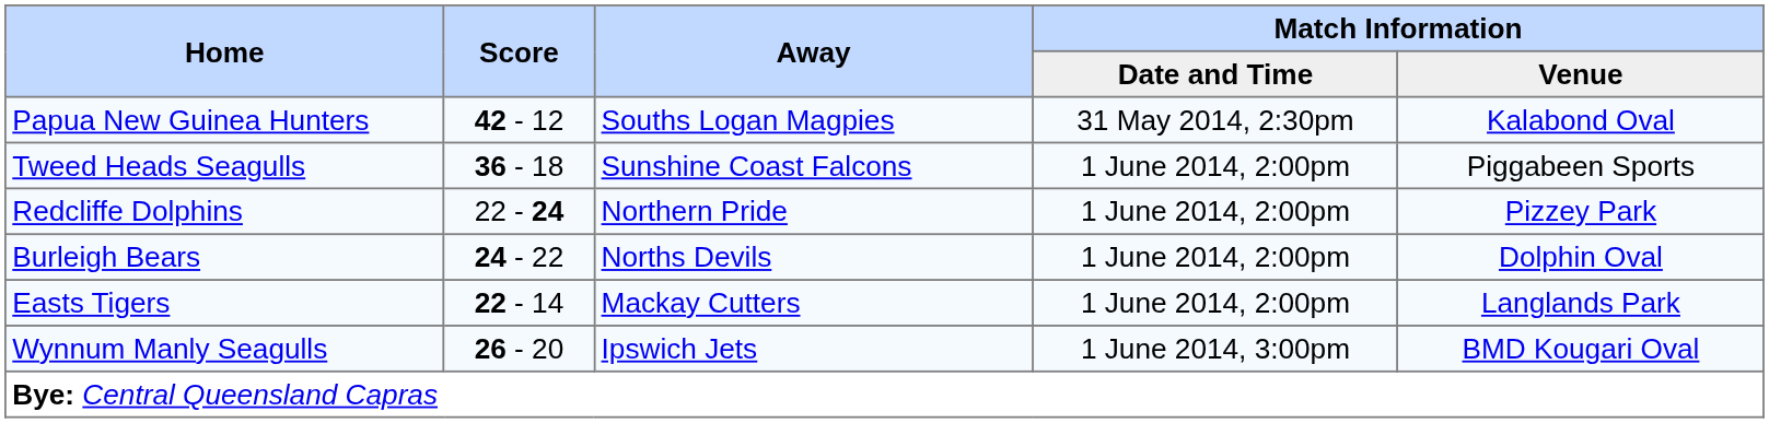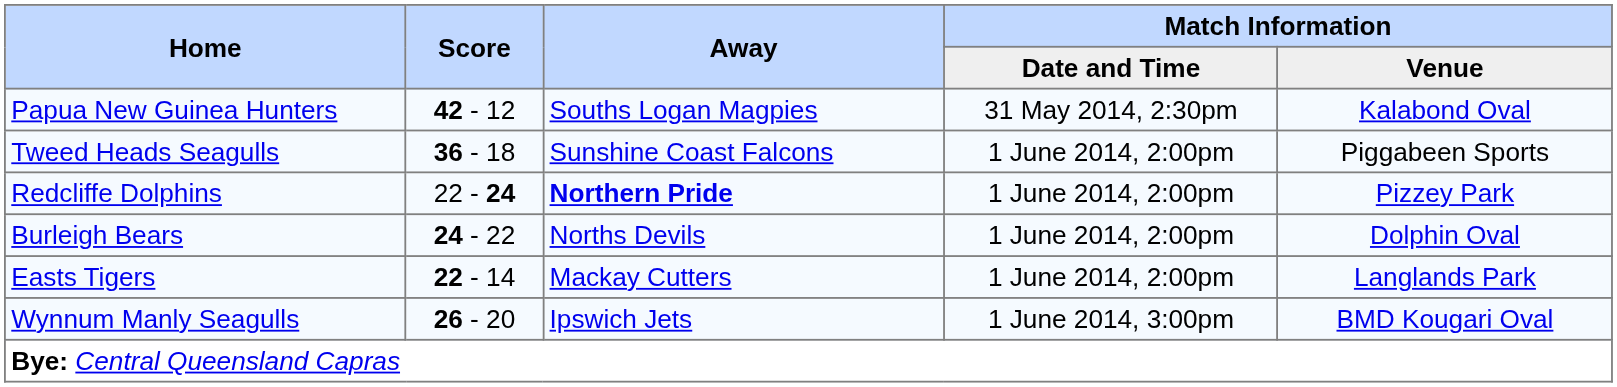 <table border=1 style="border-collapse:collapse; font-size:90%; text-align:center;" cellpadding=3 cellspacing=0>
 <tr bgcolor=#C1D8FF>
 <th rowspan=2 width=12%>Home</th>
 <th rowspan=2 width=3%>Score</th>
 <th rowspan=2 width=12%>Away</th>
 <th colspan=5>Match Information</th>
 </tr>
 <tr bgcolor=#EFEFEF>
 <th width=10%>Date and Time</th>
 <th width=10%>Venue</th>
 </tr>
 <tr bgcolor=#F5FAFF>
 <td align=left> <a href='#'>Papua New Guinea Hunters</a></td>
 <td><strong>42</strong> - 12</td>
 <td align=left> <a href='#'>Souths Logan Magpies</a></td>
 <td>31 May 2014, 2:30pm</td>
 <td><a href='#'>Kalabond Oval</a></td>
 </tr>
 <tr bgcolor=#F5FAFF>
 <td align=left> <a href='#'>Tweed Heads Seagulls</a></td>
 <td><strong>36</strong> - 18</td>
 <td align=left> <a href='#'>Sunshine Coast Falcons</a></td>
 <td>1 June 2014, 2:00pm</td>
 <td>Piggabeen Sports</td>
 </tr>
 <tr bgcolor=#F5FAFF>
 <td align=left> <a href='#'>Redcliffe Dolphins</a></td>
 <td>22 - <strong>24</strong></td>
-<td align=left> <a href='#'>Northern Pride</a></td>
+<td align=left><strong> <a href='#'>Northern Pride</a></strong></td>
 <td>1 June 2014, 2:00pm</td>
 <td><a href='#'>Pizzey Park</a></td>
 </tr>
 <tr bgcolor=#F5FAFF>
 <td align=left> <a href='#'>Burleigh Bears</a></td>
 <td><strong>24</strong> - 22</td>
 <td align=left> <a href='#'>Norths Devils</a></td>
 <td>1 June 2014, 2:00pm</td>
 <td><a href='#'>Dolphin Oval</a></td>
 </tr>
 <tr bgcolor=#F5FAFF>
 <td align=left> <a href='#'>Easts Tigers</a></td>
 <td><strong>22</strong> - 14</td>
 <td align=left> <a href='#'>Mackay Cutters</a></td>
 <td>1 June 2014, 2:00pm</td>
 <td><a href='#'>Langlands Park</a></td>
 </tr>
 <tr bgcolor=#F5FAFF>
 <td align=left> <a href='#'>Wynnum Manly Seagulls</a></td>
 <td><strong>26</strong> - 20</td>
 <td align=left> <a href='#'>Ipswich Jets</a></td>
 <td>1 June 2014, 3:00pm</td>
 <td><a href='#'>BMD Kougari Oval</a></td>
 </tr>
 <tr>
 <td colspan="5" style="text-align:left;"><strong>Bye:</strong> <em><a href='#'>Central Queensland Capras</a></em></td>
 </tr>
 </table>
